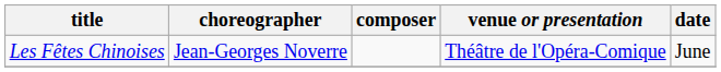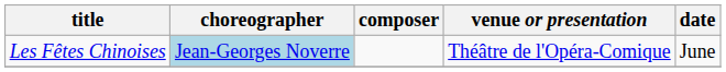 <table class="wikitable sortable">
 <tr>
 <th>title</th>
 <th>choreographer</th>
 <th>composer</th>
 <th>venue <em>or presentation</em></th>
 <th>date</th>
 </tr>
 <tr>
 <td><em><a href='#'>Les Fêtes Chinoises</a></em></td>
-<td><a href='#'>Jean-Georges Noverre</a></td>
+<td style="background: lightblue;"><a href='#'>Jean-Georges Noverre</a></td>
 <td></td>
 <td><a href='#'>Théâtre de l'Opéra-Comique</a></td>
 <td>June</td>
 </tr>
 <tr>
 </tr>
 </table>
